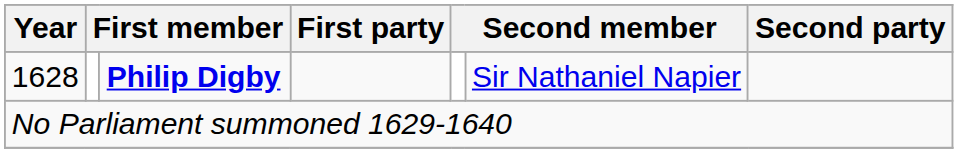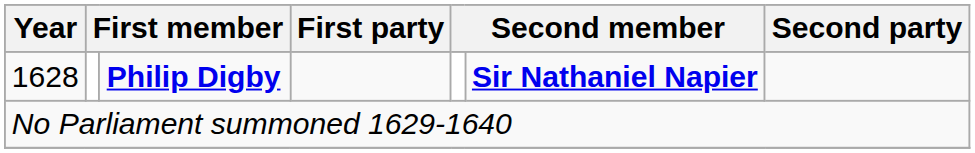 <table class="wikitable">
 <tr>
 <th>Year</th>
 <th colspan="2">First member</th>
 <th>First party</th>
 <th colspan="2">Second member</th>
 <th>Second party</th>
 </tr>
 <tr>
 <td>1628</td>
 <td style="color:inherit;background-color: white"></td>
 <td><strong><a href='#'>Philip Digby</a></strong></td>
 <td></td>
 <td style="color:inherit;background-color: white"></td>
-<td><a href='#'>Sir Nathaniel Napier</a></td>
+<td><strong><a href='#'>Sir Nathaniel Napier</a></strong></td>
 <td></td>
 </tr>
 <tr>
 <td colspan="7"><em>No Parliament summoned 1629-1640</em></td>
 </tr>
 <tr>
 </tr>
 </table>
